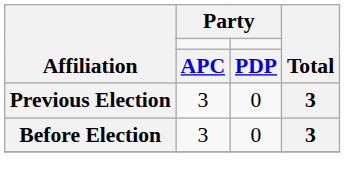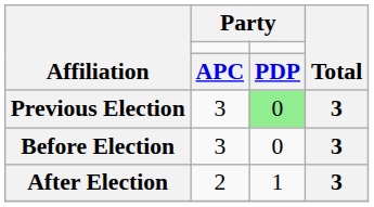 <table class=wikitable style="text-align:center">
 <tr style="vertical-align:bottom;">
 <th rowspan=3>Affiliation</th>
 <th colspan=2>Party</th>
 <th rowspan=3>Total</th>
 </tr>
 <tr>
 <td style="background-color:"></td>
 <td style="background-color:"></td>
 </tr>
 <tr>
 <th><a href='#'>APC</a></th>
 <th><a href='#'>PDP</a></th>
 </tr>
 <tr>
 <th>Previous Election</th>
 <td>3</td>
-<td>0</td>
+<td style="background: lightgreen;">0</td>
 <th>3</th>
 </tr>
 <tr>
 <th>Before Election</th>
 <td>3</td>
 <td>0</td>
 <th>3</th>
 </tr>
 <tr>
+<th>After Election</th>
+<td>2</td>
+<td>1</td>
+<th>3</th>
+</tr>
+<tr>
 </tr>
 </table>
